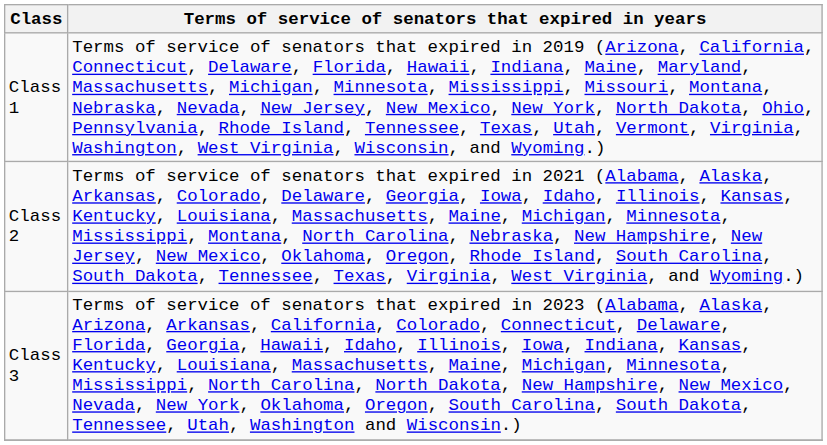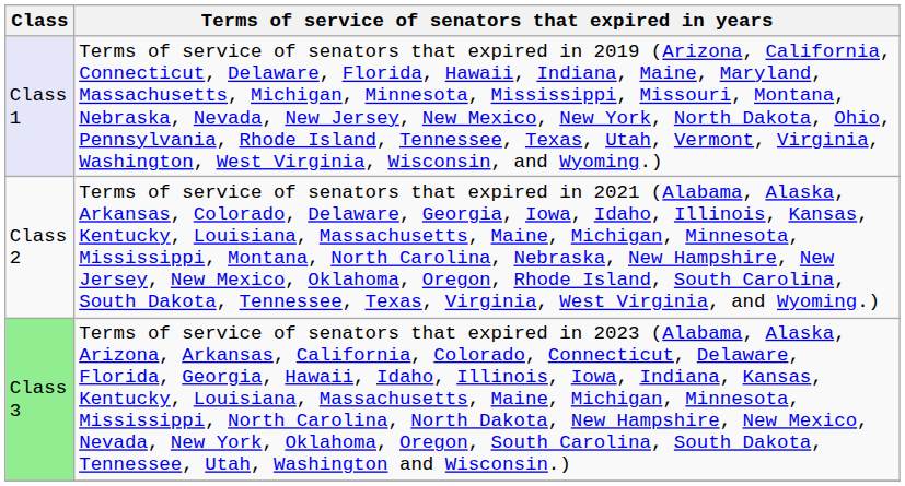 <table class="wikitable sortable">
 <tr valign=bottom>
 <th>Class</th>
 <th>Terms of service of senators that expired in years</th>
 </tr>
 <tr>
-<td>Class 1</td>
+<td style="background: lavender;">Class 1</td>
 <td>Terms of service of senators that expired in 2019 (<a href='#'>Arizona</a>, <a href='#'>California</a>, <a href='#'>Connecticut</a>, <a href='#'>Delaware</a>, <a href='#'>Florida</a>, <a href='#'>Hawaii</a>, <a href='#'>Indiana</a>, <a href='#'>Maine</a>, <a href='#'>Maryland</a>, <a href='#'>Massachusetts</a>, <a href='#'>Michigan</a>, <a href='#'>Minnesota</a>, <a href='#'>Mississippi</a>, <a href='#'>Missouri</a>, <a href='#'>Montana</a>, <a href='#'>Nebraska</a>, <a href='#'>Nevada</a>, <a href='#'>New Jersey</a>, <a href='#'>New Mexico</a>, <a href='#'>New York</a>, <a href='#'>North Dakota</a>, <a href='#'>Ohio</a>, <a href='#'>Pennsylvania</a>, <a href='#'>Rhode Island</a>, <a href='#'>Tennessee</a>, <a href='#'>Texas</a>, <a href='#'>Utah</a>, <a href='#'>Vermont</a>, <a href='#'>Virginia</a>, <a href='#'>Washington</a>, <a href='#'>West Virginia</a>, <a href='#'>Wisconsin</a>, and <a href='#'>Wyoming</a>.)</td>
 </tr>
 <tr>
 <td>Class 2</td>
 <td>Terms of service of senators that expired in 2021 (<a href='#'>Alabama</a>, <a href='#'>Alaska</a>, <a href='#'>Arkansas</a>, <a href='#'>Colorado</a>, <a href='#'>Delaware</a>, <a href='#'>Georgia</a>, <a href='#'>Iowa</a>, <a href='#'>Idaho</a>, <a href='#'>Illinois</a>, <a href='#'>Kansas</a>, <a href='#'>Kentucky</a>, <a href='#'>Louisiana</a>, <a href='#'>Massachusetts</a>, <a href='#'>Maine</a>, <a href='#'>Michigan</a>, <a href='#'>Minnesota</a>, <a href='#'>Mississippi</a>, <a href='#'>Montana</a>, <a href='#'>North Carolina</a>, <a href='#'>Nebraska</a>, <a href='#'>New Hampshire</a>, <a href='#'>New Jersey</a>, <a href='#'>New Mexico</a>, <a href='#'>Oklahoma</a>, <a href='#'>Oregon</a>, <a href='#'>Rhode Island</a>, <a href='#'>South Carolina</a>, <a href='#'>South Dakota</a>, <a href='#'>Tennessee</a>, <a href='#'>Texas</a>, <a href='#'>Virginia</a>, <a href='#'>West Virginia</a>, and <a href='#'>Wyoming</a>.)</td>
 </tr>
 <tr>
-<td>Class 3</td>
+<td style="background: lightgreen;">Class 3</td>
 <td>Terms of service of senators that expired in 2023 (<a href='#'>Alabama</a>, <a href='#'>Alaska</a>, <a href='#'>Arizona</a>, <a href='#'>Arkansas</a>, <a href='#'>California</a>, <a href='#'>Colorado</a>, <a href='#'>Connecticut</a>, <a href='#'>Delaware</a>, <a href='#'>Florida</a>, <a href='#'>Georgia</a>, <a href='#'>Hawaii</a>, <a href='#'>Idaho</a>, <a href='#'>Illinois</a>, <a href='#'>Iowa</a>, <a href='#'>Indiana</a>, <a href='#'>Kansas</a>, <a href='#'>Kentucky</a>, <a href='#'>Louisiana</a>, <a href='#'>Massachusetts</a>, <a href='#'>Maine</a>, <a href='#'>Michigan</a>, <a href='#'>Minnesota</a>, <a href='#'>Mississippi</a>, <a href='#'>North Carolina</a>, <a href='#'>North Dakota</a>, <a href='#'>New Hampshire</a>, <a href='#'>New Mexico</a>, <a href='#'>Nevada</a>, <a href='#'>New York</a>, <a href='#'>Oklahoma</a>, <a href='#'>Oregon</a>, <a href='#'>South Carolina</a>, <a href='#'>South Dakota</a>, <a href='#'>Tennessee</a>, <a href='#'>Utah</a>, <a href='#'>Washington</a> and <a href='#'>Wisconsin</a>.)</td>
 </tr>
 <tr>
 </tr>
 </table>
